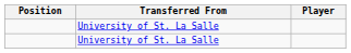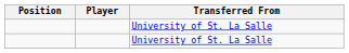 <table class="wikitable sortable" style="width:75%; text-align:center; font-size:95%; text-align:left;">
 <tr>
 <th><strong>Position</strong></th>
+<th><strong>Player</strong></th>
 <th><strong>Transferred From</strong></th>
-<th><strong>Player</strong></th>
 </tr>
 <tr>
 <td></td>
+<td></td>
 <td> <a href='#'>University of St. La Salle</a></td>
-<td></td>
 </tr>
 <tr>
 <td></td>
+<td></td>
 <td> <a href='#'>University of St. La Salle</a></td>
-<td></td>
 </tr>
 </table>
